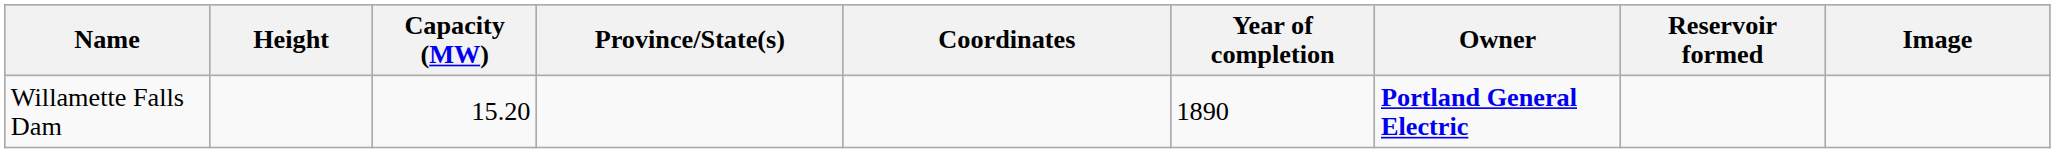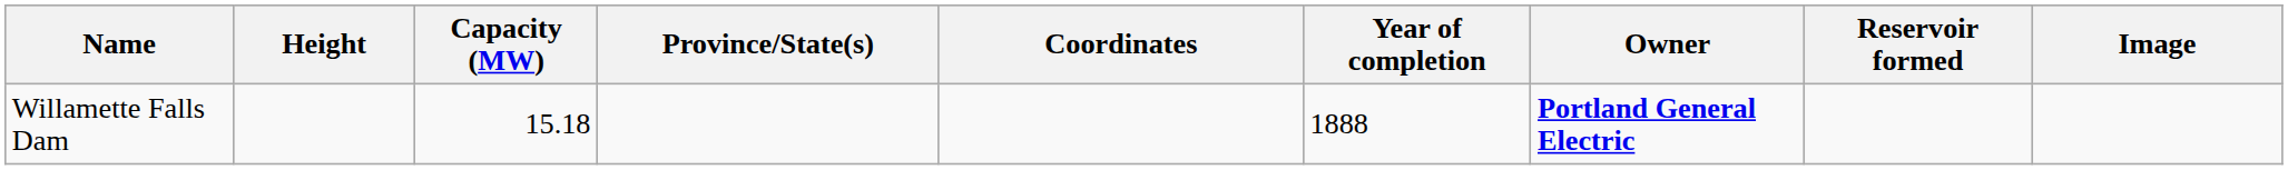 <table class="wikitable sortable" border="1">
 <tr>
 <th width="10%">Name</th>
 <th width="8%">Height</th>
 <th width="8%">Capacity (<a href='#'>MW</a>)</th>
 <th width="15%">Province/State(s)</th>
 <th width="16%">Coordinates</th>
 <th width="10%">Year of completion</th>
 <th width="12%">Owner</th>
 <th width="10%">Reservoir formed</th>
 <th>Image</th>
 </tr>
 <tr>
 <td>Willamette Falls Dam</td>
 <td></td>
-<td align="right">15.20</td>
+<td align="right">15.18</td>
 <td></td>
 <td></td>
-<td>1890</td>
+<td>1888</td>
 <td><strong><a href='#'>Portland General Electric</a></strong></td>
 <td></td>
 <td></td>
 </tr>
 </table>
